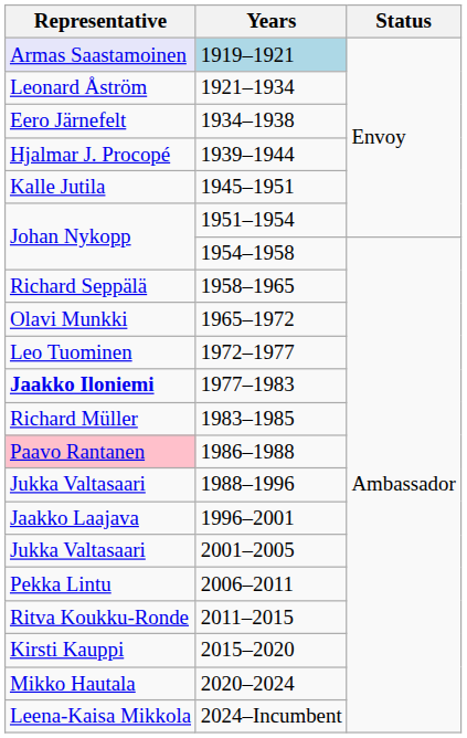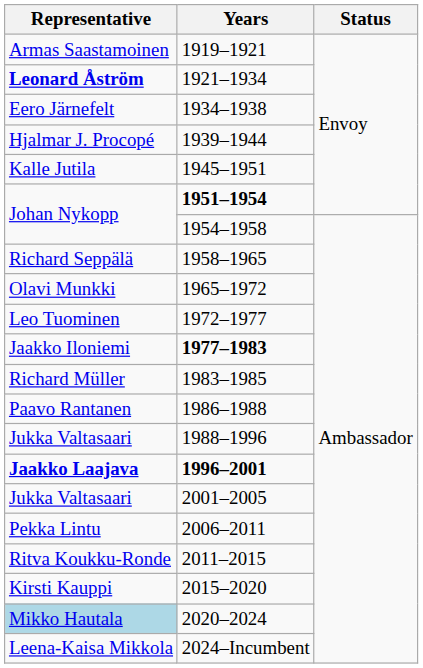 <table class="wikitable sortable">
 <tr>
 <th>Representative</th>
 <th>Years</th>
 <th>Status</th>
 </tr>
 <tr>
-<td style="background: lavender;"><a href='#'>Armas Saastamoinen</a></td>
-<td style="background: lightblue;">1919–1921</td>
+<td><a href='#'>Armas Saastamoinen</a></td>
+<td>1919–1921</td>
 <td rowspan="6">Envoy</td>
 </tr>
 <tr>
-<td><a href='#'>Leonard Åström</a></td>
+<td><strong><a href='#'>Leonard Åström</a></strong></td>
 <td>1921–1934</td>
 </tr>
 <tr>
 <td><a href='#'>Eero Järnefelt</a></td>
 <td>1934–1938</td>
 </tr>
 <tr>
 <td><a href='#'>Hjalmar J. Procopé</a></td>
 <td>1939–1944</td>
 </tr>
 <tr>
 <td><a href='#'>Kalle Jutila</a></td>
 <td>1945–1951</td>
 </tr>
 <tr>
 <td rowspan="2"><a href='#'>Johan Nykopp</a></td>
-<td>1951–1954</td>
+<td><strong>1951–1954</strong></td>
 </tr>
 <tr>
 <td>1954–1958</td>
 <td rowspan="15">Ambassador</td>
 </tr>
 <tr>
 <td><a href='#'>Richard Seppälä</a></td>
 <td>1958–1965</td>
 </tr>
 <tr>
 <td><a href='#'>Olavi Munkki</a></td>
 <td>1965–1972</td>
 </tr>
 <tr>
 <td><a href='#'>Leo Tuominen</a></td>
 <td>1972–1977</td>
 </tr>
 <tr>
-<td><strong><a href='#'>Jaakko Iloniemi</a></strong></td>
-<td>1977–1983</td>
+<td><a href='#'>Jaakko Iloniemi</a></td>
+<td><strong>1977–1983</strong></td>
 </tr>
 <tr>
 <td><a href='#'>Richard Müller</a></td>
 <td>1983–1985</td>
 </tr>
 <tr>
-<td style="background: pink;"><a href='#'>Paavo Rantanen</a></td>
+<td><a href='#'>Paavo Rantanen</a></td>
 <td>1986–1988</td>
 </tr>
 <tr>
 <td><a href='#'>Jukka Valtasaari</a></td>
 <td>1988–1996</td>
 </tr>
 <tr>
-<td><a href='#'>Jaakko Laajava</a></td>
-<td>1996–2001</td>
+<td><strong><a href='#'>Jaakko Laajava</a></strong></td>
+<td><strong>1996–2001</strong></td>
 </tr>
 <tr>
 <td><a href='#'>Jukka Valtasaari</a></td>
 <td>2001–2005</td>
 </tr>
 <tr>
 <td><a href='#'>Pekka Lintu</a></td>
 <td>2006–2011</td>
 </tr>
 <tr>
 <td><a href='#'>Ritva Koukku-Ronde</a></td>
 <td>2011–2015</td>
 </tr>
 <tr>
 <td><a href='#'>Kirsti Kauppi</a></td>
 <td>2015–2020</td>
 </tr>
 <tr>
-<td><a href='#'>Mikko Hautala</a></td>
+<td style="background: lightblue;"><a href='#'>Mikko Hautala</a></td>
 <td>2020–2024</td>
 </tr>
 <tr>
 <td><a href='#'>Leena-Kaisa Mikkola</a></td>
 <td>2024–Incumbent</td>
 </tr>
 </table>
